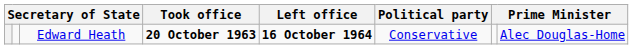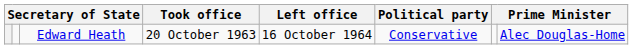 <table class="wikitable" style="text-align:center">
 <tr>
 <th colspan=3>Secretary of State</th>
 <th>Took office</th>
 <th>Left office</th>
 <th>Political party</th>
 <th colspan=2>Prime Minister</th>
 </tr>
 <tr>
 <th style="background-color:"></th>
 <td></td>
 <td><a href='#'>Edward Heath</a><br></td>
-<td><strong>20 October 1963</strong></td>
-<td><strong>16 October 1964</strong></td>
+<td>20 October 1963</td>
+<td>16 October 1964</td>
 <td><a href='#'>Conservative</a></td>
 <td style="background-color:"></td>
 <td><a href='#'>Alec Douglas-Home</a></td>
 </tr>
 </table>
